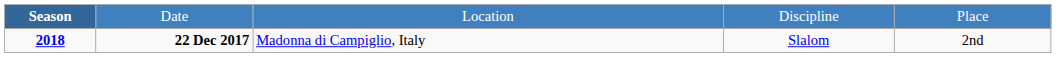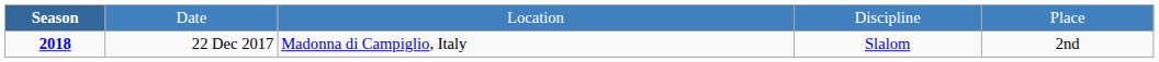 <table class="wikitable" style="font-size:95%; text-align:center; border:grey solid 1px; border-collapse:collapse;" width="55%">
 <tr style="background-color:#369; color:white;">
 <td rowspan="2" colspan="1" width="2%"><strong>Season</strong></td>
 </tr>
 <tr style="background-color:#4180be; color:white;">
 <td width="5%">Date</td>
 <td width="15%">Location</td>
 <td width="5%">Discipline</td>
 <td width="5%">Place</td>
 </tr>
 <tr>
 <td><strong><a href='#'>2018</a></strong></td>
-<td align="right"><strong>22 Dec 2017</strong></td>
+<td align="right">22 Dec 2017</td>
 <td align="left"> <a href='#'>Madonna di Campiglio</a>, Italy</td>
 <td><a href='#'>Slalom</a></td>
 <td>2nd</td>
 </tr>
 </table>
